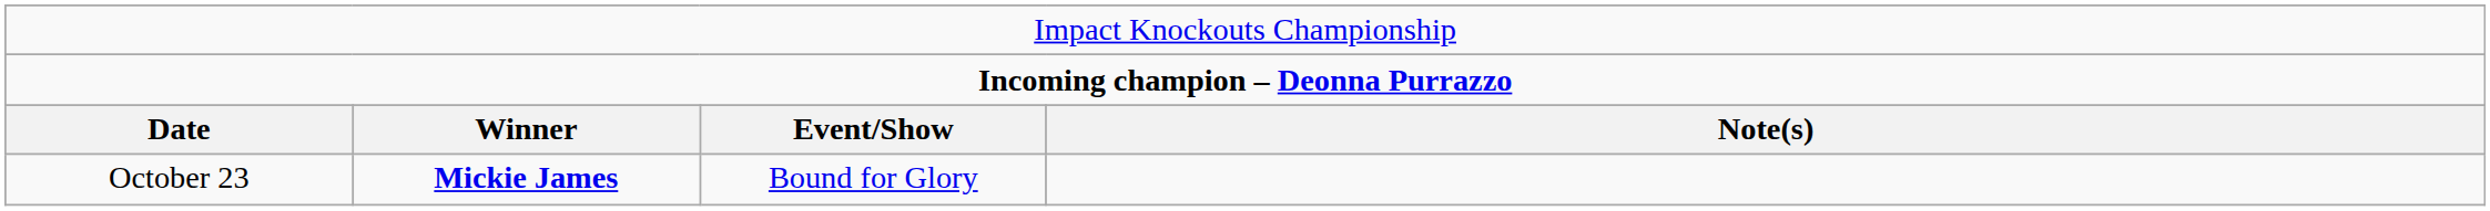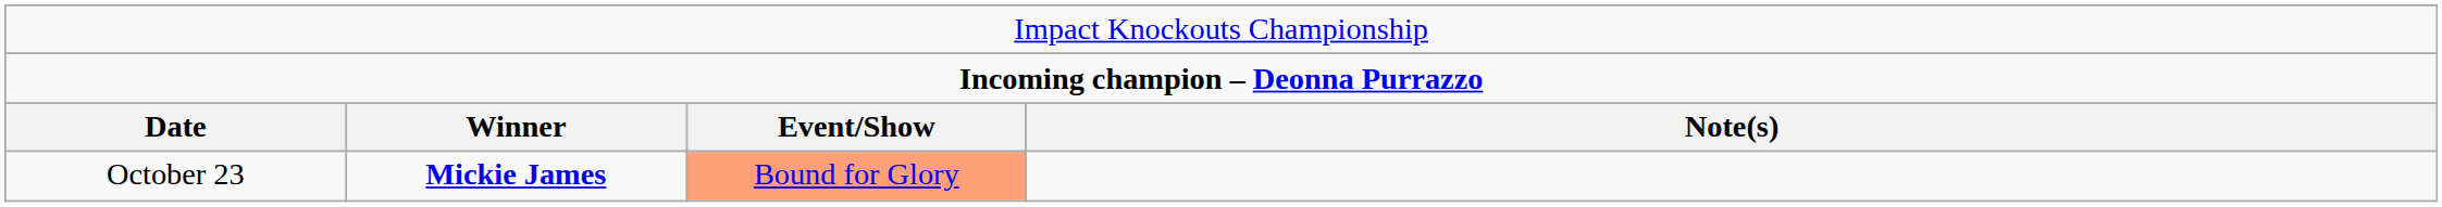 <table class="wikitable" style="text-align:center; width:100%;">
 <tr>
 <td colspan="4" style="text-align: center;"><a href='#'>Impact Knockouts Championship</a></td>
 </tr>
 <tr>
 <td colspan="4" style="text-align: center;"><strong>Incoming champion – <a href='#'>Deonna Purrazzo</a></strong></td>
 </tr>
 <tr>
 <th width=14%>Date</th>
 <th width=14%>Winner</th>
 <th width=14%>Event/Show</th>
 <th width=58%>Note(s)</th>
 </tr>
 <tr>
 <td>October 23</td>
 <td><strong><a href='#'>Mickie James</a></strong></td>
-<td><a href='#'>Bound for Glory</a></td>
+<td style="background: lightsalmon;"><a href='#'>Bound for Glory</a></td>
 <td></td>
 </tr>
 </table>
